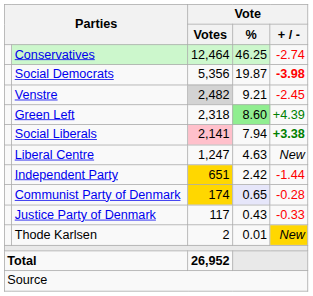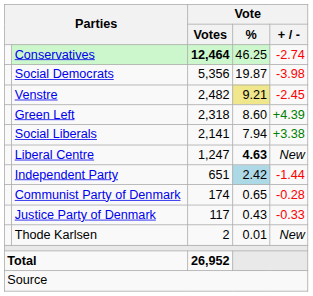 <table class="wikitable" style="text-align:right;">
 <tr>
 <th style="text-align:centre;" rowspan="2" colspan="2" width="225">Parties</th>
 <th colspan="3">Vote</th>
 </tr>
 <tr>
 <th width="15">Votes</th>
 <th width="15">%</th>
 <th width="15">+ / -</th>
 </tr>
 <tr>
 <td width="2" style="color:inherit;background:"></td>
 <td bgcolor=#ccf7cc  align="left"><a href='#'>Conservatives</a></td>
-<td bgcolor=#ccf7cc>12,464</td>
+<td bgcolor=#ccf7cc><strong>12,464</strong></td>
 <td bgcolor=#ccf7cc>46.25</td>
 <td style=color:red;>-2.74</td>
 </tr>
 <tr>
 <td width="2" style="color:inherit;background:"></td>
 <td align="left"><a href='#'>Social Democrats</a></td>
 <td>5,356</td>
 <td>19.87</td>
-<td style=color:red;><strong>-3.98</strong></td>
+<td style=color:red;>-3.98</td>
 </tr>
 <tr>
 <td width="2" style="color:inherit;background:"></td>
 <td align="left"><a href='#'>Venstre</a></td>
-<td style="background: lightgrey;">2,482</td>
-<td>9.21</td>
+<td>2,482</td>
+<td style="background: khaki;">9.21</td>
 <td style=color:red;>-2.45</td>
 </tr>
 <tr>
 <td width="2" style="color:inherit;background:"></td>
 <td align="left"><a href='#'>Green Left</a></td>
 <td>2,318</td>
-<td style="background: lightgreen;">8.60</td>
+<td>8.60</td>
 <td style=color:green;>+4.39</td>
 </tr>
 <tr>
 <td width="2" style="color:inherit;background:"></td>
 <td align="left"><a href='#'>Social Liberals</a></td>
-<td style="background: pink;">2,141</td>
+<td>2,141</td>
 <td>7.94</td>
-<td style=color:green;><strong>+3.38</strong></td>
+<td style=color:green;>+3.38</td>
 </tr>
 <tr>
 <td width="2" style="color:inherit;background:"></td>
 <td align="left"><a href='#'>Liberal Centre</a></td>
 <td>1,247</td>
-<td>4.63</td>
+<td><strong>4.63</strong></td>
 <td><em>New</em></td>
 </tr>
 <tr>
 <td width="2" style="color:inherit;background:"></td>
 <td align="left"><a href='#'>Independent Party</a></td>
-<td style="background: gold;">651</td>
-<td>2.42</td>
+<td>651</td>
+<td style="background: lightblue;">2.42</td>
 <td style=color:red;>-1.44</td>
 </tr>
 <tr>
 <td width="2" style="color:inherit;background:"></td>
 <td align="left"><a href='#'>Communist Party of Denmark</a></td>
-<td style="background: gold;">174</td>
-<td style="background: lavender;">0.65</td>
+<td>174</td>
+<td>0.65</td>
 <td style=color:red;>-0.28</td>
 </tr>
 <tr>
 <td width="2" style="color:inherit;background:"></td>
 <td align="left"><a href='#'>Justice Party of Denmark</a></td>
 <td>117</td>
 <td>0.43</td>
 <td style=color:red;>-0.33</td>
 </tr>
 <tr>
 <td width="2" style="color:inherit;background:"></td>
 <td align="left">Thode Karlsen</td>
 <td>2</td>
 <td>0.01</td>
-<td style="background: gold;"><em>New</em></td>
+<td><em>New</em></td>
 </tr>
 <tr>
 <td colspan="7" bgcolor="#E9E9E9"></td>
 </tr>
 <tr>
 <td align="left" colspan="2"><strong>Total</strong></td>
 <td><strong>26,952</strong></td>
 <td bgcolor="#E9E9E9" colspan="2"></td>
 </tr>
 <tr>
 <td align="left" colspan="6">Source</td>
 </tr>
 </table>
